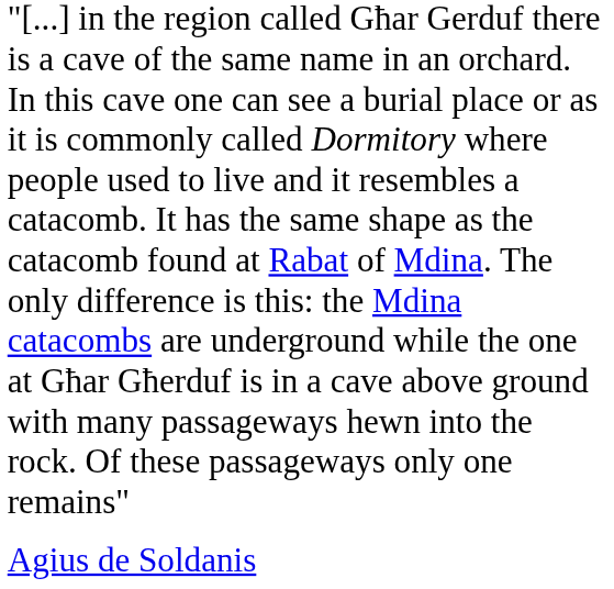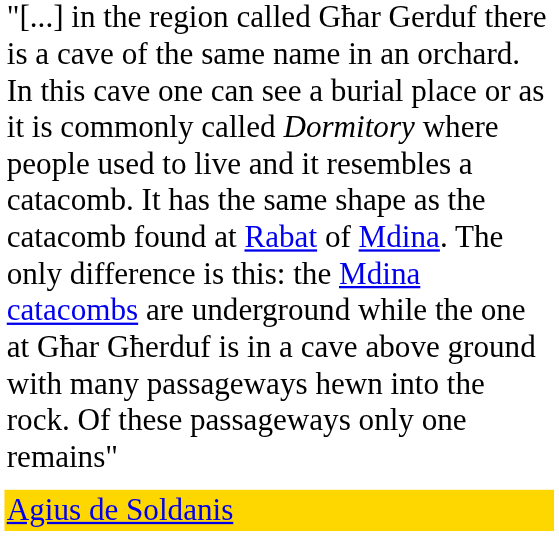 <table class="toccolours" style="float: left; margin-left: 0em; margin-right: 1em; font-size: 85%;  color:black; width:300px; max-width: 40%;" cellspacing="5">
 <tr>
 <td style="text-align: left;">"[...] in the region called Għar Gerduf there is a cave of the same name in an orchard. In this cave one can see a burial place or as it is commonly called <em>Dormitory</em> where people used to live and it resembles a catacomb. It has the same shape as the catacomb found at <a href='#'>Rabat</a> of <a href='#'>Mdina</a>. The only difference is this: the <a href='#'>Mdina catacombs</a> are underground while the one at Għar Għerduf is in a cave above ground with many passageways hewn into the rock. Of these passageways only one remains"</td>
 </tr>
 <tr>
-<td style="text-align: left;"><a href='#'>Agius de Soldanis</a></td>
+<td style="background: gold; text-align: left;"><a href='#'>Agius de Soldanis</a></td>
 </tr>
 </table>
